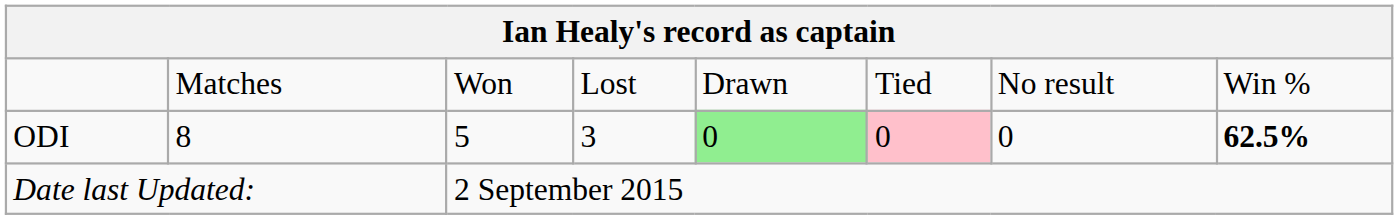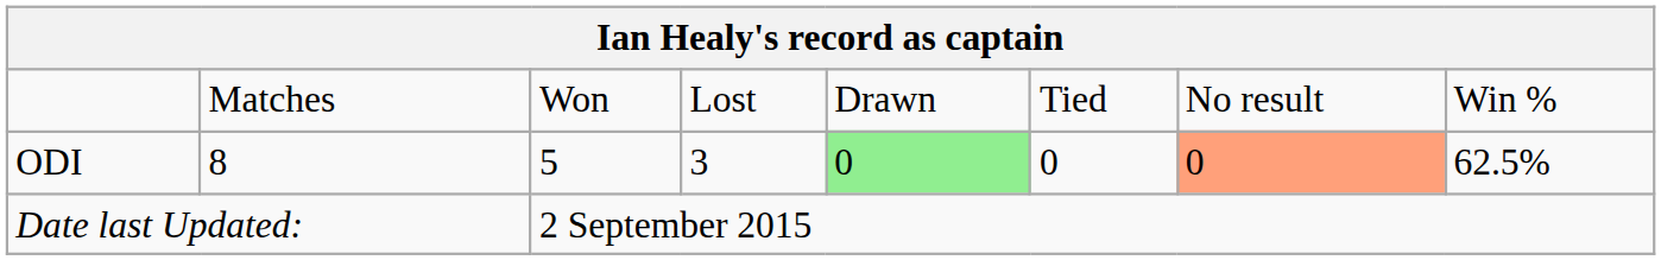 <table class="wikitable" style="float: right; margin-left: 1em; width: 40%; font-size: 90%;">
 <tr>
 <th colspan="8"><strong>Ian Healy's record as captain</strong></th>
 </tr>
 <tr>
 <td> </td>
 <td>Matches</td>
 <td>Won</td>
 <td>Lost</td>
 <td>Drawn</td>
 <td>Tied</td>
 <td>No result</td>
 <td>Win %</td>
 </tr>
 <tr>
 <td>ODI</td>
 <td>8</td>
 <td>5</td>
 <td>3</td>
 <td style="background: lightgreen;">0</td>
-<td style="background: pink;">0</td>
 <td>0</td>
-<td><strong>62.5%</strong></td>
+<td style="background: lightsalmon;">0</td>
+<td>62.5%</td>
 </tr>
 <tr>
 <td colspan=2><em>Date last Updated:</em></td>
 <td colspan=8>2 September 2015</td>
 </tr>
 </table>
